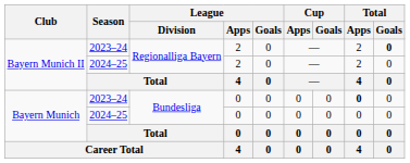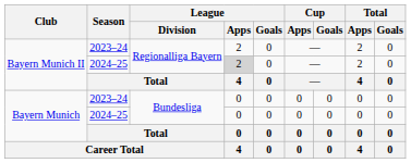 <table class="wikitable" Style="text-align: center">
 <tr>
 <th rowspan="2">Club</th>
 <th rowspan="2">Season</th>
 <th colspan="3">League</th>
 <th colspan="2">Cup</th>
 <th colspan="2">Total</th>
 </tr>
 <tr>
 <th>Division</th>
 <th>Apps</th>
 <th>Goals</th>
 <th>Apps</th>
 <th>Goals</th>
 <th>Apps</th>
 <th>Goals</th>
 </tr>
 <tr>
 <td rowspan="3"><a href='#'>Bayern Munich II</a></td>
 <td><a href='#'>2023–24</a></td>
 <td rowspan="2"><a href='#'>Regionalliga Bayern</a></td>
 <td>2</td>
 <td>0</td>
 <td colspan="2">—</td>
 <td>2</td>
-<td><strong>0</strong></td>
+<td>0</td>
 </tr>
 <tr>
 <td><a href='#'>2024–25</a></td>
-<td>2</td>
+<td style="background: lightgrey;">2</td>
 <td>0</td>
 <td colspan="2">—</td>
 <td>2</td>
 <td>0</td>
 </tr>
 <tr>
 <th colspan="2">Total</th>
 <th>4</th>
 <th>0</th>
 <th colspan="2">—</th>
 <th>4</th>
 <th>0</th>
 </tr>
 <tr>
 <td rowspan="3"><a href='#'>Bayern Munich</a></td>
 <td><a href='#'>2023–24</a></td>
 <td rowspan="2"><a href='#'>Bundesliga</a></td>
 <td>0</td>
 <td>0</td>
 <td>0</td>
 <td>0</td>
-<td><strong>0</strong></td>
+<td>0</td>
 <td>0</td>
 </tr>
 <tr>
 <td><a href='#'>2024–25</a></td>
 <td>0</td>
 <td>0</td>
 <td>0</td>
 <td>0</td>
 <td>0</td>
 <td>0</td>
 </tr>
 <tr>
 <th colspan="2">Total</th>
 <th>0</th>
 <th>0</th>
 <th>0</th>
 <th>0</th>
 <th>0</th>
 <th>0</th>
 </tr>
 <tr>
 <th colspan="3">Career Total</th>
 <th>4</th>
 <th>0</th>
 <th>0</th>
 <th>0</th>
 <th>4</th>
 <th>0</th>
 </tr>
 </table>
